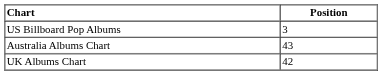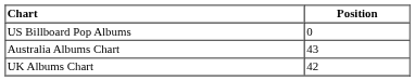 <table border=1 cellspacing=0 cellpadding=2 width="550px">
 <tr>
 <th align="left">Chart</th>
 <th align="centre">Position</th>
 </tr>
 <tr>
 <td align="left">US Billboard Pop Albums</td>
-<td align="centre">3</td>
+<td align="centre">0</td>
 </tr>
 <tr>
 <td align="left">Australia Albums Chart</td>
 <td align="centre">43</td>
 </tr>
 <tr>
 <td align="left">UK Albums Chart</td>
 <td align="centre">42</td>
 </tr>
 <tr>
 </tr>
 </table>
